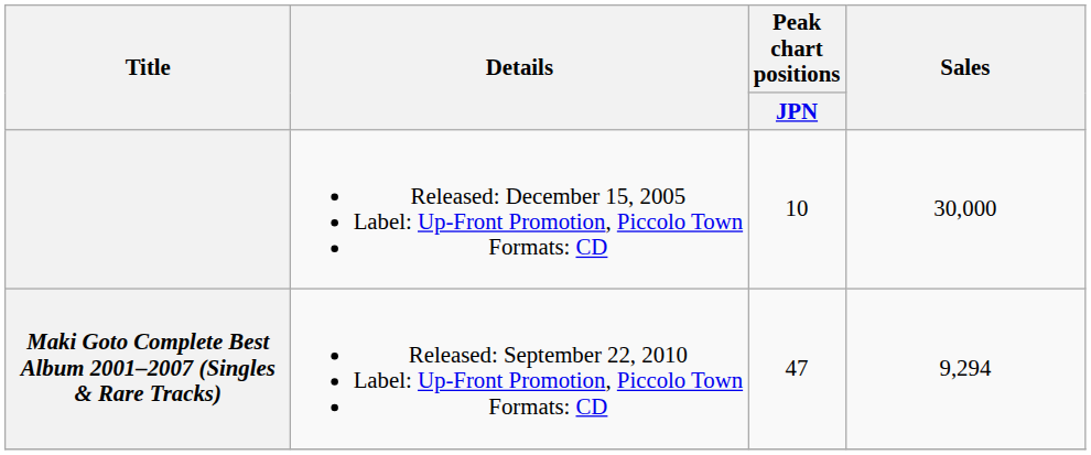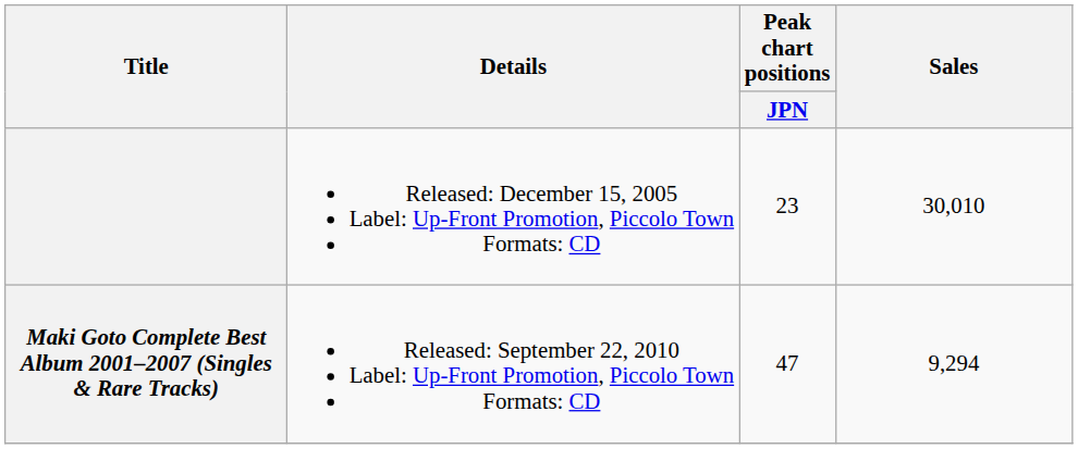 <table class="wikitable plainrowheaders" style="text-align:center;">
 <tr>
 <th rowspan="2" style="width:12em;">Title</th>
 <th rowspan="2">Details</th>
 <th colspan="1">Peak chart positions</th>
 <th rowspan="2" style="width:10em;">Sales</th>
 </tr>
 <tr>
 <th width="30"><a href='#'>JPN</a></th>
 </tr>
 <tr>
 <th scope="row"></th>
 <td><br><ul><li>Released: December 15, 2005</li><li>Label: <a href='#'>Up-Front Promotion</a>, <a href='#'>Piccolo Town</a></li><li>Formats: <a href='#'>CD</a></li></ul></td>
-<td>10</td>
-<td>30,000</td>
+<td>23</td>
+<td>30,010</td>
 </tr>
 <tr>
 <th scope="row"><em>Maki Goto Complete Best Album 2001–2007 (Singles & Rare Tracks)</em></th>
 <td><br><ul><li>Released: September 22, 2010</li><li>Label: <a href='#'>Up-Front Promotion</a>, <a href='#'>Piccolo Town</a></li><li>Formats: <a href='#'>CD</a></li></ul></td>
 <td>47</td>
 <td>9,294</td>
 </tr>
 <tr>
 </tr>
 </table>
